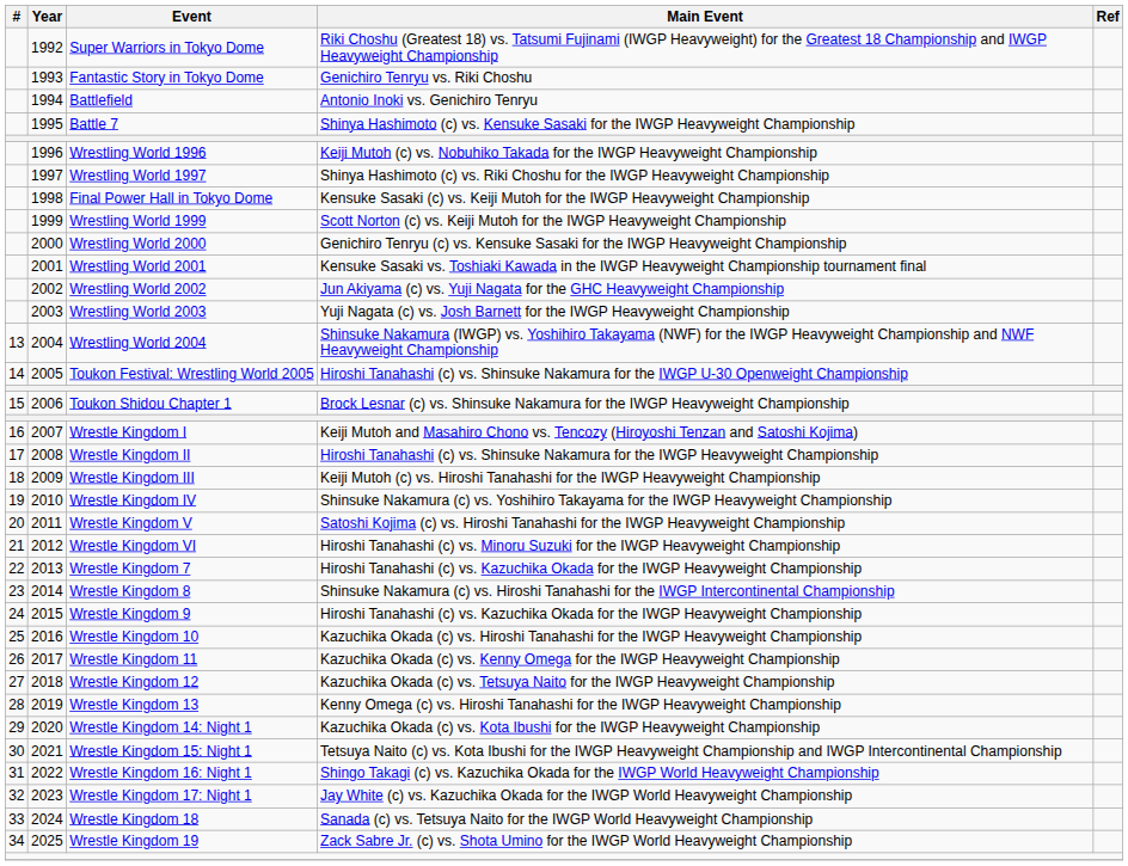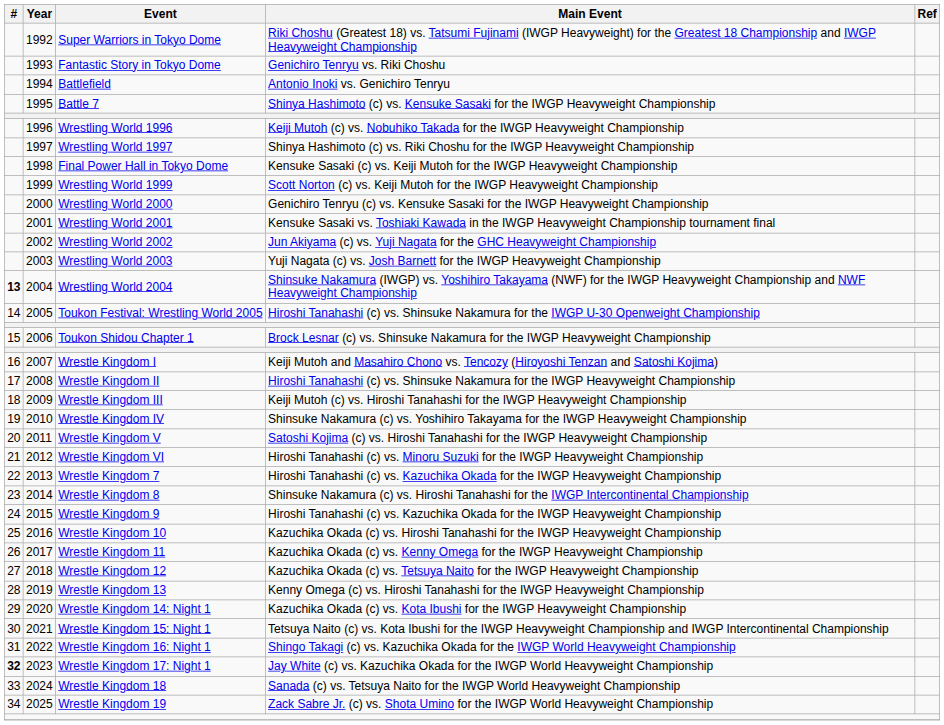 <table class="wikitable sortable" align="center">
 <tr>
 <th>#</th>
 <th>Year</th>
 <th>Event</th>
 <th>Main Event</th>
 <th>Ref</th>
 </tr>
 <tr>
 <td></td>
 <td>1992</td>
 <td><a href='#'>Super Warriors in Tokyo Dome</a></td>
 <td align="left"><a href='#'>Riki Choshu</a> (Greatest 18) vs. <a href='#'>Tatsumi Fujinami</a> (IWGP Heavyweight) for the <a href='#'>Greatest 18 Championship</a> and <a href='#'>IWGP Heavyweight Championship</a></td>
 <td></td>
 </tr>
 <tr>
 <td></td>
 <td>1993</td>
 <td><a href='#'>Fantastic Story in Tokyo Dome</a></td>
 <td align="left"><a href='#'>Genichiro Tenryu</a> vs. Riki Choshu</td>
 <td></td>
 </tr>
 <tr>
 <td></td>
 <td>1994</td>
 <td><a href='#'>Battlefield</a></td>
 <td align="left"><a href='#'>Antonio Inoki</a> vs. Genichiro Tenryu</td>
 <td></td>
 </tr>
 <tr>
 <td></td>
 <td>1995</td>
 <td><a href='#'>Battle 7</a></td>
 <td align="left"><a href='#'>Shinya Hashimoto</a> (c) vs. <a href='#'>Kensuke Sasaki</a> for the IWGP Heavyweight Championship</td>
 <td></td>
 </tr>
 <tr>
 <th colspan="5"></th>
 </tr>
 <tr>
 <td></td>
 <td>1996</td>
 <td><a href='#'>Wrestling World 1996</a></td>
 <td align="left"><a href='#'>Keiji Mutoh</a> (c) vs. <a href='#'>Nobuhiko Takada</a> for the IWGP Heavyweight Championship</td>
 <td></td>
 </tr>
 <tr>
 <td></td>
 <td>1997</td>
 <td><a href='#'>Wrestling World 1997</a></td>
 <td align="left">Shinya Hashimoto (c) vs. Riki Choshu for the IWGP Heavyweight Championship</td>
 <td></td>
 </tr>
 <tr>
 <td></td>
 <td>1998</td>
 <td><a href='#'>Final Power Hall in Tokyo Dome</a></td>
 <td align="left">Kensuke Sasaki (c) vs. Keiji Mutoh for the IWGP Heavyweight Championship</td>
 <td></td>
 </tr>
 <tr>
 <td></td>
 <td>1999</td>
 <td><a href='#'>Wrestling World 1999</a></td>
 <td align="left"><a href='#'>Scott Norton</a> (c) vs. Keiji Mutoh for the IWGP Heavyweight Championship</td>
 <td></td>
 </tr>
 <tr>
 <td></td>
 <td>2000</td>
 <td><a href='#'>Wrestling World 2000</a></td>
 <td align="left">Genichiro Tenryu (c) vs. Kensuke Sasaki for the IWGP Heavyweight Championship</td>
 <td></td>
 </tr>
 <tr>
 <td></td>
 <td>2001</td>
 <td><a href='#'>Wrestling World 2001</a></td>
 <td align="left">Kensuke Sasaki vs. <a href='#'>Toshiaki Kawada</a> in the IWGP Heavyweight Championship tournament final</td>
 <td></td>
 </tr>
 <tr>
 <td></td>
 <td>2002</td>
 <td><a href='#'>Wrestling World 2002</a></td>
 <td align="left"><a href='#'>Jun Akiyama</a> (c) vs. <a href='#'>Yuji Nagata</a> for the <a href='#'>GHC Heavyweight Championship</a></td>
 <td></td>
 </tr>
 <tr>
 <td></td>
 <td>2003</td>
 <td><a href='#'>Wrestling World 2003</a></td>
 <td align="left">Yuji Nagata (c) vs. <a href='#'>Josh Barnett</a> for the IWGP Heavyweight Championship</td>
 <td></td>
 </tr>
 <tr>
-<td>13</td>
+<td><strong>13</strong></td>
 <td>2004</td>
 <td><a href='#'>Wrestling World 2004</a></td>
 <td align="left"><a href='#'>Shinsuke Nakamura</a> (IWGP) vs. <a href='#'>Yoshihiro Takayama</a> (NWF) for the IWGP Heavyweight Championship and <a href='#'>NWF Heavyweight Championship</a></td>
 <td></td>
 </tr>
 <tr>
 <td>14</td>
 <td>2005</td>
 <td style="white-space:nowrap;"><a href='#'>Toukon Festival: Wrestling World 2005</a></td>
 <td align="left"><a href='#'>Hiroshi Tanahashi</a> (c) vs. Shinsuke Nakamura for the <a href='#'>IWGP U-30 Openweight Championship</a></td>
 <td></td>
 </tr>
 <tr>
 <th colspan="5"></th>
 </tr>
 <tr>
 <td>15</td>
 <td>2006</td>
 <td><a href='#'>Toukon Shidou Chapter 1</a></td>
 <td align="left"><a href='#'>Brock Lesnar</a> (c) vs. Shinsuke Nakamura for the IWGP Heavyweight Championship</td>
 <td></td>
 </tr>
 <tr>
 <th colspan="5"></th>
 </tr>
 <tr>
 <td>16</td>
 <td>2007</td>
 <td><a href='#'>Wrestle Kingdom I</a></td>
 <td align="left">Keiji Mutoh and <a href='#'>Masahiro Chono</a> vs. <a href='#'>Tencozy</a> (<a href='#'>Hiroyoshi Tenzan</a> and <a href='#'>Satoshi Kojima</a>)</td>
 <td></td>
 </tr>
 <tr>
 <td>17</td>
 <td>2008</td>
 <td><a href='#'>Wrestle Kingdom II</a></td>
 <td align="left"><a href='#'>Hiroshi Tanahashi</a> (c) vs. Shinsuke Nakamura for the IWGP Heavyweight Championship</td>
 <td></td>
 </tr>
 <tr>
 <td>18</td>
 <td>2009</td>
 <td><a href='#'>Wrestle Kingdom III</a></td>
 <td align="left">Keiji Mutoh (c) vs. Hiroshi Tanahashi for the IWGP Heavyweight Championship</td>
 <td></td>
 </tr>
 <tr>
 <td>19</td>
 <td>2010</td>
 <td><a href='#'>Wrestle Kingdom IV</a></td>
 <td align="left">Shinsuke Nakamura (c) vs. Yoshihiro Takayama for the IWGP Heavyweight Championship</td>
 <td></td>
 </tr>
 <tr>
 <td>20</td>
 <td>2011</td>
 <td><a href='#'>Wrestle Kingdom V</a></td>
 <td align="left"><a href='#'>Satoshi Kojima</a> (c) vs. Hiroshi Tanahashi for the IWGP Heavyweight Championship</td>
 <td></td>
 </tr>
 <tr>
 <td>21</td>
 <td>2012</td>
 <td><a href='#'>Wrestle Kingdom VI</a></td>
 <td align="left">Hiroshi Tanahashi (c) vs. <a href='#'>Minoru Suzuki</a> for the IWGP Heavyweight Championship</td>
 <td></td>
 </tr>
 <tr>
 <td>22</td>
 <td>2013</td>
 <td><a href='#'>Wrestle Kingdom 7</a></td>
 <td align="left">Hiroshi Tanahashi (c) vs. <a href='#'>Kazuchika Okada</a> for the IWGP Heavyweight Championship</td>
 <td></td>
 </tr>
 <tr>
 <td>23</td>
 <td>2014</td>
 <td><a href='#'>Wrestle Kingdom 8</a></td>
 <td align="left">Shinsuke Nakamura (c) vs. Hiroshi Tanahashi for the <a href='#'>IWGP Intercontinental Championship</a></td>
 <td></td>
 </tr>
 <tr>
 <td>24</td>
 <td>2015</td>
 <td><a href='#'>Wrestle Kingdom 9</a></td>
 <td align="left">Hiroshi Tanahashi (c) vs. Kazuchika Okada for the IWGP Heavyweight Championship</td>
 <td></td>
 </tr>
 <tr>
 <td>25</td>
 <td>2016</td>
 <td><a href='#'>Wrestle Kingdom 10</a></td>
 <td align="left">Kazuchika Okada (c) vs. Hiroshi Tanahashi for the IWGP Heavyweight Championship</td>
 <td></td>
 </tr>
 <tr>
 <td>26</td>
 <td>2017</td>
 <td><a href='#'>Wrestle Kingdom 11</a></td>
 <td align="left">Kazuchika Okada (c) vs. <a href='#'>Kenny Omega</a> for the IWGP Heavyweight Championship</td>
 <td></td>
 </tr>
 <tr>
 <td>27</td>
 <td>2018</td>
 <td><a href='#'>Wrestle Kingdom 12</a></td>
 <td align="left">Kazuchika Okada (c) vs. <a href='#'>Tetsuya Naito</a> for the IWGP Heavyweight Championship</td>
 <td></td>
 </tr>
 <tr>
 <td>28</td>
 <td>2019</td>
 <td><a href='#'>Wrestle Kingdom 13</a></td>
 <td align="left">Kenny Omega (c) vs. Hiroshi Tanahashi for the IWGP Heavyweight Championship</td>
 <td></td>
 </tr>
 <tr>
 <td>29</td>
 <td>2020</td>
 <td><a href='#'>Wrestle Kingdom 14: Night 1</a></td>
 <td align="left">Kazuchika Okada (c) vs. <a href='#'>Kota Ibushi</a> for the IWGP Heavyweight Championship</td>
 <td></td>
 </tr>
 <tr>
 <td>30</td>
 <td>2021</td>
 <td><a href='#'>Wrestle Kingdom 15: Night 1</a></td>
 <td align="left">Tetsuya Naito (c) vs. Kota Ibushi for the IWGP Heavyweight Championship and IWGP Intercontinental Championship</td>
 <td></td>
 </tr>
 <tr>
 <td>31</td>
 <td>2022</td>
 <td><a href='#'>Wrestle Kingdom 16: Night 1</a></td>
 <td align="left"><a href='#'>Shingo Takagi</a> (c) vs. Kazuchika Okada for the <a href='#'>IWGP World Heavyweight Championship</a></td>
 <td></td>
 </tr>
 <tr>
-<td>32</td>
+<td><strong>32</strong></td>
 <td>2023</td>
 <td><a href='#'>Wrestle Kingdom 17: Night 1</a></td>
 <td align="left"><a href='#'>Jay White</a> (c) vs. Kazuchika Okada for the IWGP World Heavyweight Championship</td>
 <td></td>
 </tr>
 <tr>
 <td>33</td>
 <td>2024</td>
 <td><a href='#'>Wrestle Kingdom 18</a></td>
 <td align="left"><a href='#'>Sanada</a> (c) vs. Tetsuya Naito for the IWGP World Heavyweight Championship</td>
 <td></td>
 </tr>
 <tr>
 <td>34</td>
 <td>2025</td>
 <td><a href='#'>Wrestle Kingdom 19</a></td>
 <td align="left"><a href='#'>Zack Sabre Jr.</a> (c) vs. <a href='#'>Shota Umino</a> for the IWGP World Heavyweight Championship</td>
 <td></td>
 </tr>
 <tr>
 <td colspan="5"></td>
 </tr>
 <tr>
 </tr>
 </table>
